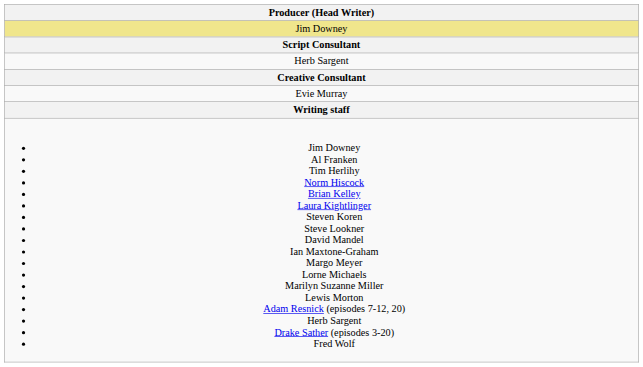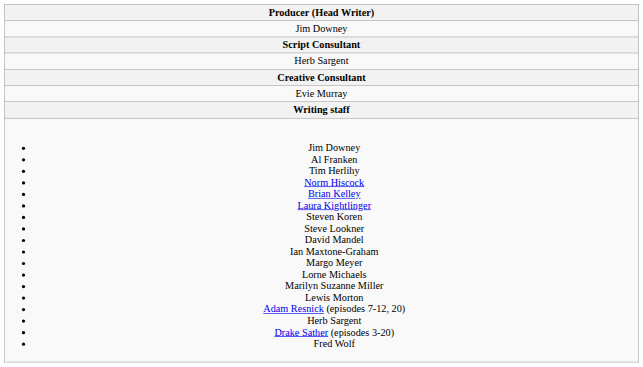 <table class="wikitable plainrowheaders"  style="text-align:center; width:50%;">
 <tr>
 <th><strong>Producer (Head Writer)</strong></th>
 </tr>
 <tr>
-<td style="background: khaki;">Jim Downey</td>
+<td>Jim Downey</td>
 </tr>
 <tr>
 <th><strong>Script Consultant</strong></th>
 </tr>
 <tr>
 <td>Herb Sargent</td>
 </tr>
 <tr>
 <th><strong>Creative Consultant</strong></th>
 </tr>
 <tr>
 <td>Evie Murray</td>
 </tr>
 <tr>
 <th><strong>Writing staff</strong></th>
 </tr>
 <tr>
 <td><br><ul><li>Jim Downey</li><li>Al Franken</li><li>Tim Herlihy</li><li><a href='#'>Norm Hiscock</a></li><li><a href='#'>Brian Kelley</a></li><li><a href='#'>Laura Kightlinger</a></li><li>Steven Koren</li><li>Steve Lookner</li><li>David Mandel</li><li>Ian Maxtone-Graham</li><li>Margo Meyer</li><li>Lorne Michaels</li><li>Marilyn Suzanne Miller</li><li>Lewis Morton</li><li><a href='#'>Adam Resnick</a> (episodes 7-12, 20)</li><li>Herb Sargent</li><li><a href='#'>Drake Sather</a> (episodes 3-20)</li><li>Fred Wolf</li></ul></td>
 </tr>
 </table>
